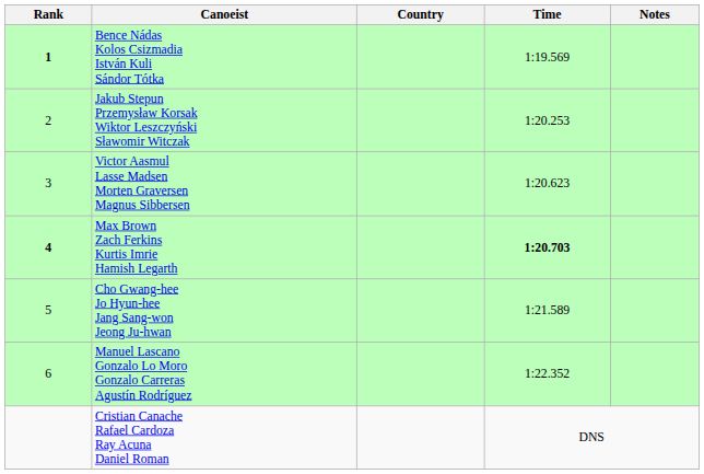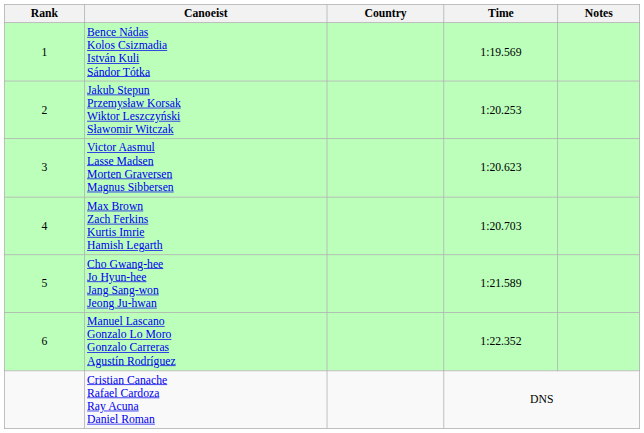 <table class="wikitable" style="text-align:center;width: 55%">
 <tr>
 <th>Rank</th>
 <th>Canoeist</th>
 <th>Country</th>
 <th>Time</th>
 <th>Notes</th>
 </tr>
 <tr bgcolor=bbffbb>
-<td><strong>1</strong></td>
+<td>1</td>
 <td align="left"><a href='#'>Bence Nádas</a><br><a href='#'>Kolos Csizmadia</a><br><a href='#'>István Kuli</a><br><a href='#'>Sándor Tótka</a></td>
 <td align="left"></td>
 <td>1:19.569</td>
 <td></td>
 </tr>
 <tr bgcolor=bbffbb>
 <td>2</td>
 <td align="left"><a href='#'>Jakub Stepun</a><br><a href='#'>Przemysław Korsak</a><br><a href='#'>Wiktor Leszczyński</a><br><a href='#'>Sławomir Witczak</a></td>
 <td align="left"></td>
 <td>1:20.253</td>
 <td></td>
 </tr>
 <tr bgcolor=bbffbb>
 <td>3</td>
 <td align="left"><a href='#'>Victor Aasmul</a><br><a href='#'>Lasse Madsen</a><br><a href='#'>Morten Graversen</a><br><a href='#'>Magnus Sibbersen</a></td>
 <td align="left"></td>
 <td>1:20.623</td>
 <td></td>
 </tr>
 <tr bgcolor=bbffbb>
-<td><strong>4</strong></td>
+<td>4</td>
 <td align="left"><a href='#'>Max Brown</a><br><a href='#'>Zach Ferkins</a><br><a href='#'>Kurtis Imrie</a><br><a href='#'>Hamish Legarth</a></td>
 <td align="left"></td>
-<td><strong>1:20.703</strong></td>
+<td>1:20.703</td>
 <td></td>
 </tr>
 <tr bgcolor=bbffbb>
 <td>5</td>
 <td align="left"><a href='#'>Cho Gwang-hee</a><br><a href='#'>Jo Hyun-hee</a><br><a href='#'>Jang Sang-won</a><br><a href='#'>Jeong Ju-hwan</a></td>
 <td align="left"></td>
 <td>1:21.589</td>
 <td></td>
 </tr>
 <tr bgcolor=bbffbb>
 <td>6</td>
 <td align="left"><a href='#'>Manuel Lascano</a><br><a href='#'>Gonzalo Lo Moro</a><br><a href='#'>Gonzalo Carreras</a><br><a href='#'>Agustín Rodríguez</a></td>
 <td align="left"></td>
 <td>1:22.352</td>
 <td></td>
 </tr>
 <tr>
 <td></td>
 <td align="left"><a href='#'>Cristian Canache</a><br><a href='#'>Rafael Cardoza</a><br><a href='#'>Ray Acuna</a><br><a href='#'>Daniel Roman</a></td>
 <td align="left"></td>
 <td colspan=2>DNS</td>
 </tr>
 </table>
